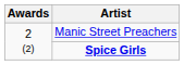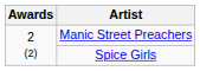 <table class="wikitable" rowspan="2" style="text-align:center;">
 <tr>
 <th scope="col" style="width:55px;">Awards</th>
 <th scope="col" style="text-align:center;">Artist</th>
 </tr>
 <tr>
 <td rowspan="2">2<br><small>(2)</small></td>
 <td><a href='#'>Manic Street Preachers</a></td>
 </tr>
 <tr>
-<td><strong><a href='#'>Spice Girls</a></strong></td>
+<td><a href='#'>Spice Girls</a></td>
 </tr>
 </table>
